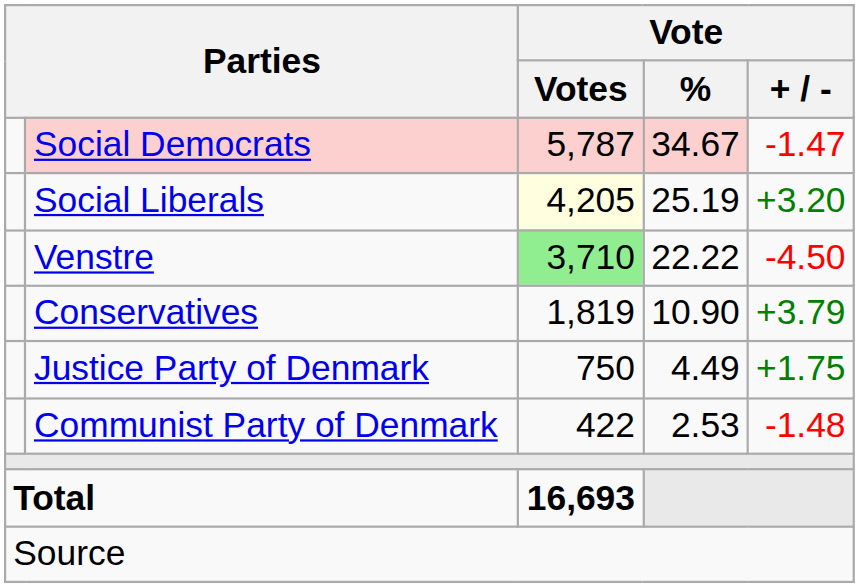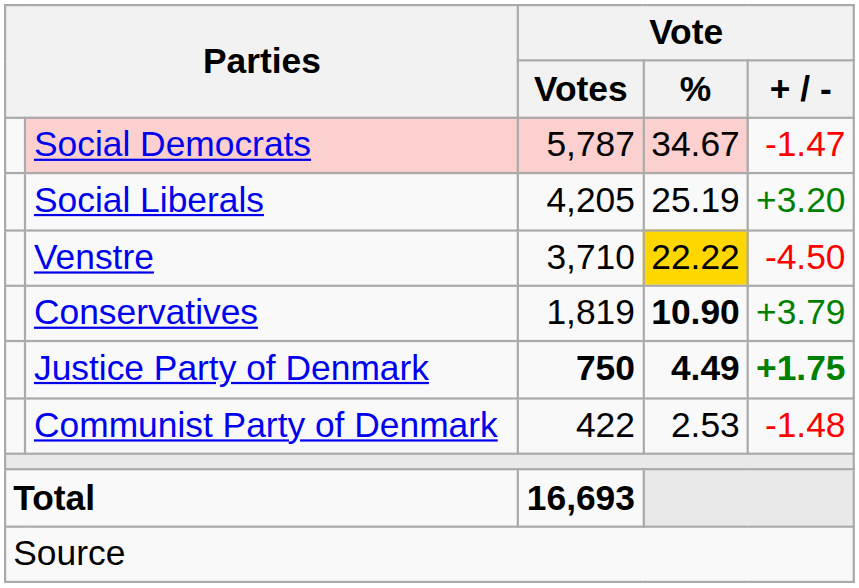 <table class="wikitable" style="text-align:right;">
 <tr>
 <th style="text-align:centre;" rowspan="2" colspan="2" width="225">Parties</th>
 <th colspan="3">Vote</th>
 </tr>
 <tr>
 <th width="15">Votes</th>
 <th width="15">%</th>
 <th width="15">+ / -</th>
 </tr>
 <tr>
 <td width="2" style="color:inherit;background:"></td>
 <td bgcolor=#fbd0ce  align="left"><a href='#'>Social Democrats</a></td>
 <td bgcolor=#fbd0ce>5,787</td>
 <td bgcolor=#fbd0ce>34.67</td>
 <td style=color:red;>-1.47</td>
 </tr>
 <tr>
 <td width="2" style="color:inherit;background:"></td>
 <td align="left"><a href='#'>Social Liberals</a></td>
-<td style="background: lightyellow;">4,205</td>
+<td>4,205</td>
 <td>25.19</td>
 <td style=color:green;>+3.20</td>
 </tr>
 <tr>
 <td width="2" style="color:inherit;background:"></td>
 <td align="left"><a href='#'>Venstre</a></td>
-<td style="background: lightgreen;">3,710</td>
-<td>22.22</td>
+<td>3,710</td>
+<td style="background: gold;">22.22</td>
 <td style=color:red;>-4.50</td>
 </tr>
 <tr>
 <td width="2" style="color:inherit;background:"></td>
 <td align="left"><a href='#'>Conservatives</a></td>
 <td>1,819</td>
-<td>10.90</td>
+<td><strong>10.90</strong></td>
 <td style=color:green;>+3.79</td>
 </tr>
 <tr>
 <td width="2" style="color:inherit;background:"></td>
 <td align="left"><a href='#'>Justice Party of Denmark</a></td>
-<td>750</td>
-<td>4.49</td>
-<td style=color:green;>+1.75</td>
+<td><strong>750</strong></td>
+<td><strong>4.49</strong></td>
+<td style=color:green;><strong>+1.75</strong></td>
 </tr>
 <tr>
 <td width="2" style="color:inherit;background:"></td>
 <td align="left"><a href='#'>Communist Party of Denmark</a></td>
 <td>422</td>
 <td>2.53</td>
 <td style=color:red;>-1.48</td>
 </tr>
 <tr>
 <td colspan="7" bgcolor="#E9E9E9"></td>
 </tr>
 <tr>
 <td align="left" colspan="2"><strong>Total</strong></td>
 <td><strong>16,693</strong></td>
 <td bgcolor="#E9E9E9" colspan="2"></td>
 </tr>
 <tr>
 <td align="left" colspan="6">Source</td>
 </tr>
 </table>
